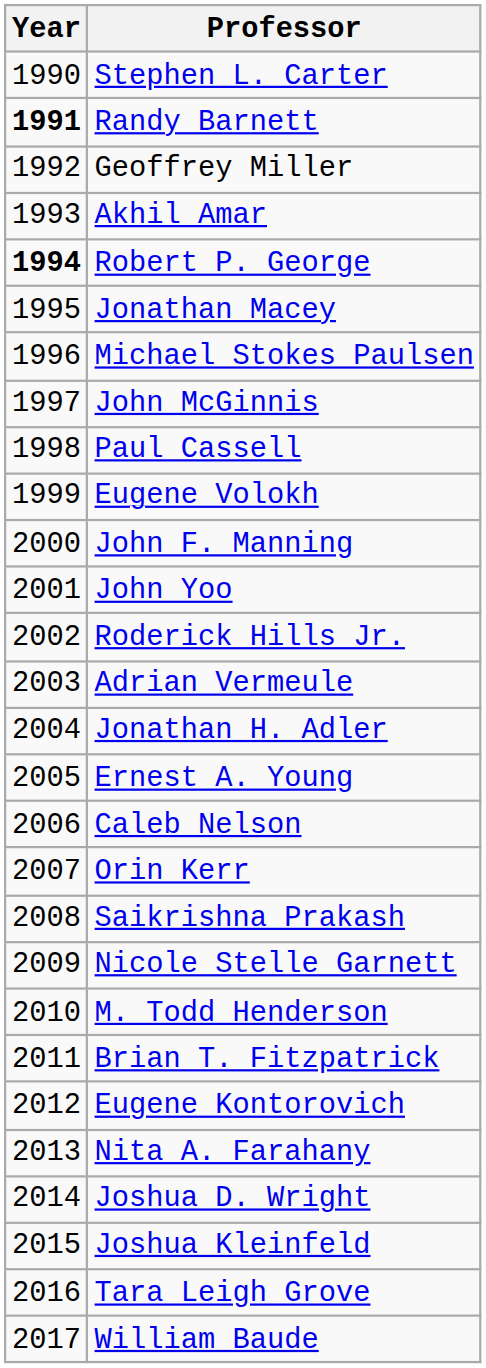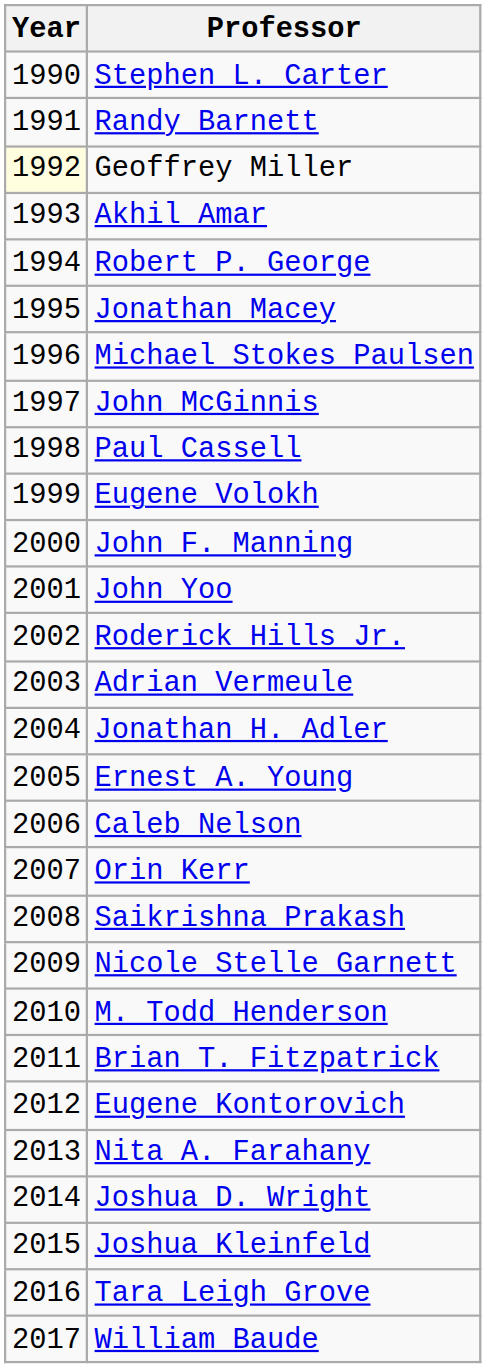 <table class="wikitable">
 <tr>
 <th>Year</th>
 <th>Professor</th>
 </tr>
 <tr>
 <td>1990</td>
 <td><a href='#'>Stephen L. Carter</a></td>
 </tr>
 <tr>
-<td><strong>1991</strong></td>
+<td>1991</td>
 <td><a href='#'>Randy Barnett</a></td>
 </tr>
 <tr>
-<td>1992</td>
+<td style="background: lightyellow;">1992</td>
 <td>Geoffrey Miller</td>
 </tr>
 <tr>
 <td>1993</td>
 <td><a href='#'>Akhil Amar</a></td>
 </tr>
 <tr>
-<td><strong>1994</strong></td>
+<td>1994</td>
 <td><a href='#'>Robert P. George</a></td>
 </tr>
 <tr>
 <td>1995</td>
 <td><a href='#'>Jonathan Macey</a></td>
 </tr>
 <tr>
 <td>1996</td>
 <td><a href='#'>Michael Stokes Paulsen</a></td>
 </tr>
 <tr>
 <td>1997</td>
 <td><a href='#'>John McGinnis</a></td>
 </tr>
 <tr>
 <td>1998</td>
 <td><a href='#'>Paul Cassell</a></td>
 </tr>
 <tr>
 <td>1999</td>
 <td><a href='#'>Eugene Volokh</a></td>
 </tr>
 <tr>
 <td>2000</td>
 <td><a href='#'>John F. Manning</a></td>
 </tr>
 <tr>
 <td>2001</td>
 <td><a href='#'>John Yoo</a></td>
 </tr>
 <tr>
 <td>2002</td>
 <td><a href='#'>Roderick Hills Jr.</a></td>
 </tr>
 <tr>
 <td>2003</td>
 <td><a href='#'>Adrian Vermeule</a></td>
 </tr>
 <tr>
 <td>2004</td>
 <td><a href='#'>Jonathan H. Adler</a></td>
 </tr>
 <tr>
 <td>2005</td>
 <td><a href='#'>Ernest A. Young</a></td>
 </tr>
 <tr>
 <td>2006</td>
 <td><a href='#'>Caleb Nelson</a></td>
 </tr>
 <tr>
 <td>2007</td>
 <td><a href='#'>Orin Kerr</a></td>
 </tr>
 <tr>
 <td>2008</td>
 <td><a href='#'>Saikrishna Prakash</a></td>
 </tr>
 <tr>
 <td>2009</td>
 <td><a href='#'>Nicole Stelle Garnett</a></td>
 </tr>
 <tr>
 <td>2010</td>
 <td><a href='#'>M. Todd Henderson</a></td>
 </tr>
 <tr>
 <td>2011</td>
 <td><a href='#'>Brian T. Fitzpatrick</a></td>
 </tr>
 <tr>
 <td>2012</td>
 <td><a href='#'>Eugene Kontorovich</a></td>
 </tr>
 <tr>
 <td>2013</td>
 <td><a href='#'>Nita A. Farahany</a></td>
 </tr>
 <tr>
 <td>2014</td>
 <td><a href='#'>Joshua D. Wright</a></td>
 </tr>
 <tr>
 <td>2015</td>
 <td><a href='#'>Joshua Kleinfeld</a></td>
 </tr>
 <tr>
 <td>2016</td>
 <td><a href='#'>Tara Leigh Grove</a></td>
 </tr>
 <tr>
 <td>2017</td>
 <td><a href='#'>William Baude</a></td>
 </tr>
 </table>
